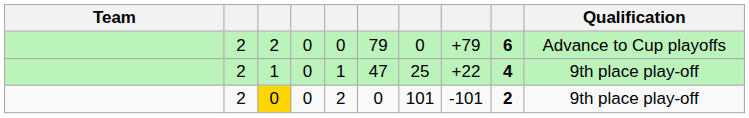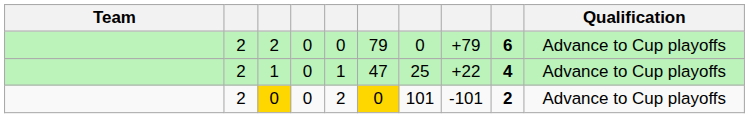 <table class="wikitable" style="text-align:center;">
 <tr>
 <th style="width:12.5em">Team</th>
 <th style="width:1.5em;"></th>
 <th style="width:1.5em;"></th>
 <th style="width:1.5em;"></th>
 <th style="width:1.5em;"></th>
 <th style="width:2.0em;"></th>
 <th style="width:2.0em;"></th>
 <th style="width:2.5em;"></th>
 <th style="width:1.5em;"></th>
 <th style="width:12.5em">Qualification</th>
 </tr>
 <tr bgcolor=#bbf3bb>
 <td align=left></td>
 <td>2</td>
 <td>2</td>
 <td>0</td>
 <td>0</td>
 <td>79</td>
 <td>0</td>
 <td>+79</td>
 <td><strong>6</strong></td>
 <td>Advance to Cup playoffs</td>
 </tr>
 <tr bgcolor=#bbf3bb>
 <td align=left></td>
 <td>2</td>
 <td>1</td>
 <td>0</td>
 <td>1</td>
 <td>47</td>
 <td>25</td>
 <td>+22</td>
 <td><strong>4</strong></td>
-<td>9th place play-off</td>
+<td>Advance to Cup playoffs</td>
 </tr>
 <tr>
 <td align=left></td>
 <td>2</td>
 <td style="background: gold;">0</td>
 <td>0</td>
 <td>2</td>
-<td>0</td>
+<td style="background: gold;">0</td>
 <td>101</td>
 <td>-101</td>
 <td><strong>2</strong></td>
-<td>9th place play-off</td>
+<td>Advance to Cup playoffs</td>
 </tr>
 </table>
